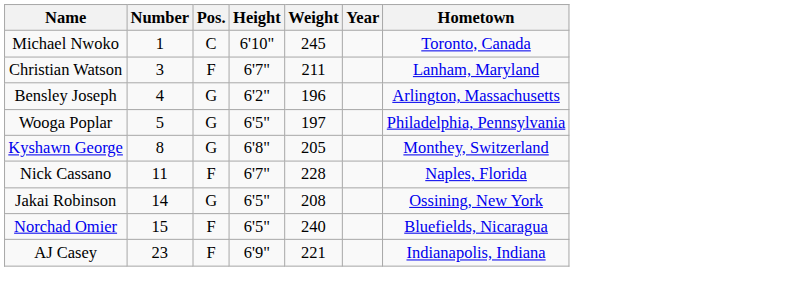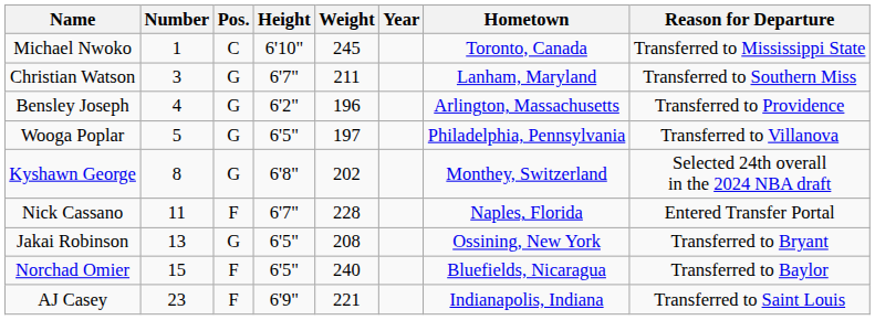 <table class="wikitable sortable" border="1" style="text-align:center;">
 <tr align=centerjiojljooijo>
 <th>Name</th>
 <th>Number</th>
 <th>Pos.</th>
 <th>Height</th>
 <th>Weight</th>
 <th>Year</th>
 <th>Hometown</th>
+<th>Reason for Departure</th>
 </tr>
 <tr>
 <td>Michael Nwoko</td>
 <td>1</td>
 <td>C</td>
 <td>6'10"</td>
 <td>245</td>
 <td></td>
 <td><a href='#'>Toronto, Canada</a></td>
+<td>Transferred to <a href='#'>Mississippi State</a></td>
 </tr>
 <tr>
 <td>Christian Watson</td>
 <td>3</td>
-<td>F</td>
+<td>G</td>
 <td>6'7"</td>
 <td>211</td>
 <td></td>
 <td><a href='#'>Lanham, Maryland</a></td>
+<td>Transferred to <a href='#'>Southern Miss</a></td>
 </tr>
 <tr>
 <td>Bensley Joseph</td>
 <td>4</td>
 <td>G</td>
 <td>6'2"</td>
 <td>196</td>
 <td></td>
 <td><a href='#'>Arlington, Massachusetts</a></td>
+<td>Transferred to <a href='#'>Providence</a></td>
 </tr>
 <tr>
 <td>Wooga Poplar</td>
 <td>5</td>
 <td>G</td>
 <td>6'5"</td>
 <td>197</td>
 <td></td>
 <td><a href='#'>Philadelphia, Pennsylvania</a></td>
+<td>Transferred to <a href='#'>Villanova</a></td>
 </tr>
 <tr>
 <td><a href='#'>Kyshawn George</a></td>
 <td>8</td>
 <td>G</td>
 <td>6'8"</td>
-<td>205</td>
+<td>202</td>
 <td></td>
 <td><a href='#'>Monthey, Switzerland</a></td>
+<td>Selected 24th overall<br>in the <a href='#'>2024 NBA draft</a></td>
 </tr>
 <tr>
 <td>Nick Cassano</td>
 <td>11</td>
 <td>F</td>
 <td>6'7"</td>
 <td>228</td>
 <td></td>
 <td><a href='#'>Naples, Florida</a></td>
+<td>Entered Transfer Portal</td>
 </tr>
 <tr>
 <td>Jakai Robinson</td>
-<td>14</td>
+<td>13</td>
 <td>G</td>
 <td>6'5"</td>
 <td>208</td>
 <td></td>
 <td><a href='#'>Ossining, New York</a></td>
+<td>Transferred to <a href='#'>Bryant</a></td>
 </tr>
 <tr>
 <td><a href='#'>Norchad Omier</a></td>
 <td>15</td>
 <td>F</td>
 <td>6'5"</td>
 <td>240</td>
 <td></td>
 <td><a href='#'>Bluefields, Nicaragua</a></td>
+<td>Transferred to <a href='#'>Baylor</a></td>
 </tr>
 <tr>
 <td>AJ Casey</td>
 <td>23</td>
 <td>F</td>
 <td>6'9"</td>
 <td>221</td>
 <td></td>
 <td><a href='#'>Indianapolis, Indiana</a></td>
+<td>Transferred to <a href='#'>Saint Louis</a></td>
 </tr>
 </table>
